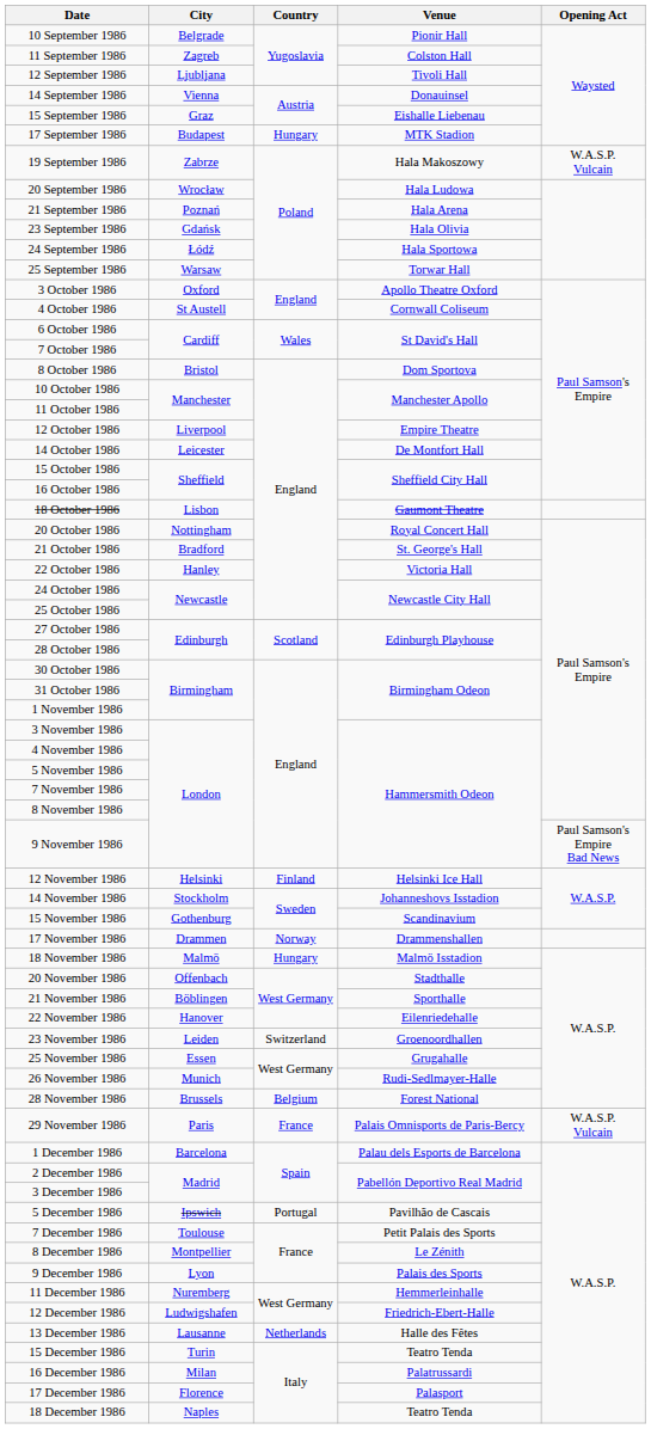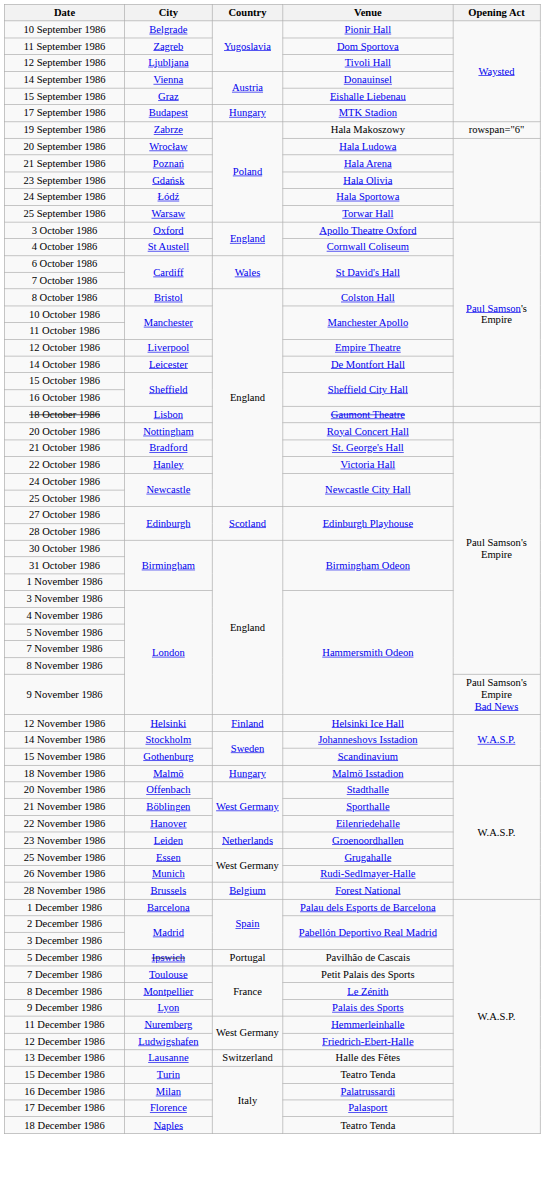 <table class="wikitable" style="text-align:center;">
 <tr>
 <th width="175">Date</th>
 <th width="125">City</th>
 <th width="100">Country</th>
 <th width="250">Venue</th>
 <th width="125">Opening Act</th>
 </tr>
 <tr>
 <td>10 September 1986</td>
 <td><a href='#'>Belgrade</a></td>
 <td rowspan="3"><a href='#'>Yugoslavia</a></td>
 <td><a href='#'>Pionir Hall</a></td>
 <td rowspan="6"><a href='#'>Waysted</a></td>
 </tr>
 <tr>
 <td>11 September 1986</td>
 <td><a href='#'>Zagreb</a></td>
-<td><a href='#'>Colston Hall</a></td>
+<td><a href='#'>Dom Sportova</a></td>
 </tr>
 <tr>
 <td>12 September 1986</td>
 <td><a href='#'>Ljubljana</a></td>
 <td><a href='#'>Tivoli Hall</a></td>
 </tr>
 <tr>
 <td>14 September 1986</td>
 <td><a href='#'>Vienna</a></td>
 <td rowspan="2"><a href='#'>Austria</a></td>
 <td><a href='#'>Donauinsel</a></td>
 </tr>
 <tr>
 <td>15 September 1986</td>
 <td><a href='#'>Graz</a></td>
 <td><a href='#'>Eishalle Liebenau</a></td>
 </tr>
 <tr>
 <td>17 September 1986</td>
 <td><a href='#'>Budapest</a></td>
 <td><a href='#'>Hungary</a></td>
 <td><a href='#'>MTK Stadion</a></td>
 </tr>
 <tr>
 <td>19 September 1986</td>
 <td><a href='#'>Zabrze</a></td>
 <td rowspan="6"><a href='#'>Poland</a></td>
 <td>Hala Makoszowy</td>
-<td>W.A.S.P.<br><a href='#'>Vulcain</a></td>
+<td>rowspan="6" </td>
 </tr>
 <tr>
 <td>20 September 1986</td>
 <td><a href='#'>Wrocław</a></td>
 <td><a href='#'>Hala Ludowa</a></td>
 </tr>
 <tr>
 <td>21 September 1986</td>
 <td><a href='#'>Poznań</a></td>
 <td><a href='#'>Hala Arena</a></td>
 </tr>
 <tr>
 <td>23 September 1986</td>
 <td><a href='#'>Gdańsk</a></td>
 <td><a href='#'>Hala Olivia</a></td>
 </tr>
 <tr>
 <td>24 September 1986</td>
 <td><a href='#'>Łódź</a></td>
 <td><a href='#'>Hala Sportowa</a></td>
 </tr>
 <tr>
 <td>25 September 1986</td>
 <td><a href='#'>Warsaw</a></td>
 <td><a href='#'>Torwar Hall</a></td>
 </tr>
 <tr>
 <td>3 October 1986</td>
 <td><a href='#'>Oxford</a></td>
 <td rowspan="2"><a href='#'>England</a></td>
 <td><a href='#'>Apollo Theatre Oxford</a></td>
 <td rowspan="11"><a href='#'>Paul Samson</a>'s Empire</td>
 </tr>
 <tr>
 <td>4 October 1986</td>
 <td><a href='#'>St Austell</a></td>
 <td><a href='#'>Cornwall Coliseum</a></td>
 </tr>
 <tr>
 <td>6 October 1986</td>
 <td rowspan="2"><a href='#'>Cardiff</a></td>
 <td rowspan="2"><a href='#'>Wales</a></td>
 <td rowspan="2"><a href='#'>St David's Hall</a></td>
 </tr>
 <tr>
 <td>7 October 1986</td>
 </tr>
 <tr>
 <td>8 October 1986</td>
 <td><a href='#'>Bristol</a></td>
 <td rowspan="13">England</td>
-<td><a href='#'>Dom Sportova</a></td>
+<td><a href='#'>Colston Hall</a></td>
 </tr>
 <tr>
 <td>10 October 1986</td>
 <td rowspan="2"><a href='#'>Manchester</a></td>
 <td rowspan="2"><a href='#'>Manchester Apollo</a></td>
 </tr>
 <tr>
 <td>11 October 1986</td>
 </tr>
 <tr>
 <td>12 October 1986</td>
 <td><a href='#'>Liverpool</a></td>
 <td><a href='#'>Empire Theatre</a></td>
 </tr>
 <tr>
 <td>14 October 1986</td>
 <td><a href='#'>Leicester</a></td>
 <td><a href='#'>De Montfort Hall</a></td>
 </tr>
 <tr>
 <td>15 October 1986</td>
 <td rowspan="2"><a href='#'>Sheffield</a></td>
 <td rowspan="2"><a href='#'>Sheffield City Hall</a></td>
 </tr>
 <tr>
 <td>16 October 1986</td>
 </tr>
 <tr>
 <td><s>18 October 1986</s></td>
 <td><a href='#'>Lisbon</a></td>
 <td><a href='#'><s>Gaumont Theatre</s></a></td>
 <td></td>
 </tr>
 <tr>
 <td>20 October 1986</td>
 <td><a href='#'>Nottingham</a></td>
 <td><a href='#'>Royal Concert Hall</a></td>
 <td rowspan="15">Paul Samson's Empire</td>
 </tr>
 <tr>
 <td>21 October 1986</td>
 <td><a href='#'>Bradford</a></td>
 <td><a href='#'>St. George's Hall</a></td>
 </tr>
 <tr>
 <td>22 October 1986</td>
 <td><a href='#'>Hanley</a></td>
 <td><a href='#'>Victoria Hall</a></td>
 </tr>
 <tr>
 <td>24 October 1986</td>
 <td rowspan="2"><a href='#'>Newcastle</a></td>
 <td rowspan="2"><a href='#'>Newcastle City Hall</a></td>
 </tr>
 <tr>
 <td>25 October 1986</td>
 </tr>
 <tr>
 <td>27 October 1986</td>
 <td rowspan="2"><a href='#'>Edinburgh</a></td>
 <td rowspan="2"><a href='#'>Scotland</a></td>
 <td rowspan="2"><a href='#'>Edinburgh Playhouse</a></td>
 </tr>
 <tr>
 <td>28 October 1986</td>
 </tr>
 <tr>
 <td>30 October 1986</td>
 <td rowspan="3"><a href='#'>Birmingham</a></td>
 <td rowspan="9">England</td>
 <td rowspan="3"><a href='#'>Birmingham Odeon</a></td>
 </tr>
 <tr>
 <td>31 October 1986</td>
 </tr>
 <tr>
 <td>1 November 1986</td>
 </tr>
 <tr>
 <td>3 November 1986</td>
 <td rowspan="6"><a href='#'>London</a></td>
 <td rowspan="6"><a href='#'>Hammersmith Odeon</a></td>
 </tr>
 <tr>
 <td>4 November 1986</td>
 </tr>
 <tr>
 <td>5 November 1986</td>
 </tr>
 <tr>
 <td>7 November 1986</td>
 </tr>
 <tr>
 <td>8 November 1986</td>
 </tr>
 <tr>
 <td>9 November 1986</td>
 <td>Paul Samson's Empire<br><a href='#'>Bad News</a></td>
 </tr>
 <tr>
 <td>12 November 1986</td>
 <td><a href='#'>Helsinki</a></td>
 <td><a href='#'>Finland</a></td>
 <td><a href='#'>Helsinki Ice Hall</a></td>
 <td rowspan="3"><a href='#'>W.A.S.P.</a></td>
 </tr>
 <tr>
 <td>14 November 1986</td>
 <td><a href='#'>Stockholm</a></td>
 <td rowspan="2"><a href='#'>Sweden</a></td>
 <td><a href='#'>Johanneshovs Isstadion</a></td>
 </tr>
 <tr>
 <td>15 November 1986</td>
 <td><a href='#'>Gothenburg</a></td>
 <td><a href='#'>Scandinavium</a></td>
 </tr>
 <tr>
-<td>17 November 1986</td>
-<td><a href='#'>Drammen</a></td>
-<td><a href='#'>Norway</a></td>
-<td><a href='#'>Drammenshallen</a></td>
-<td></td>
-</tr>
-<tr>
 <td>18 November 1986</td>
 <td><a href='#'>Malmö</a></td>
 <td><a href='#'>Hungary</a></td>
 <td><a href='#'>Malmö Isstadion</a></td>
 <td rowspan="8">W.A.S.P.</td>
 </tr>
 <tr>
 <td>20 November 1986</td>
 <td><a href='#'>Offenbach</a></td>
 <td rowspan="3"><a href='#'>West Germany</a></td>
 <td><a href='#'>Stadthalle</a></td>
 </tr>
 <tr>
 <td>21 November 1986</td>
 <td><a href='#'>Böblingen</a></td>
 <td><a href='#'>Sporthalle</a></td>
 </tr>
 <tr>
 <td>22 November 1986</td>
 <td><a href='#'>Hanover</a></td>
 <td><a href='#'>Eilenriedehalle</a></td>
 </tr>
 <tr>
 <td>23 November 1986</td>
 <td><a href='#'>Leiden</a></td>
-<td>Switzerland</td>
+<td><a href='#'>Netherlands</a></td>
 <td><a href='#'>Groenoordhallen</a></td>
 </tr>
 <tr>
 <td>25 November 1986</td>
 <td><a href='#'>Essen</a></td>
 <td rowspan="2">West Germany</td>
 <td><a href='#'>Grugahalle</a></td>
 </tr>
 <tr>
 <td>26 November 1986</td>
 <td><a href='#'>Munich</a></td>
 <td><a href='#'>Rudi-Sedlmayer-Halle</a></td>
 </tr>
 <tr>
 <td>28 November 1986</td>
 <td><a href='#'>Brussels</a></td>
 <td><a href='#'>Belgium</a></td>
 <td><a href='#'>Forest National</a></td>
-</tr>
-<tr>
-<td>29 November 1986</td>
-<td><a href='#'>Paris</a></td>
-<td><a href='#'>France</a></td>
-<td><a href='#'>Palais Omnisports de Paris-Bercy</a></td>
-<td>W.A.S.P.<br><a href='#'>Vulcain</a></td>
 </tr>
 <tr>
 <td>1 December 1986</td>
 <td><a href='#'>Barcelona</a></td>
 <td rowspan="3"><a href='#'>Spain</a></td>
 <td><a href='#'>Palau dels Esports de Barcelona</a></td>
 <td rowspan="14">W.A.S.P.</td>
 </tr>
 <tr>
 <td>2 December 1986</td>
 <td rowspan="2"><a href='#'>Madrid</a></td>
 <td rowspan="2"><a href='#'>Pabellón Deportivo Real Madrid</a></td>
 </tr>
 <tr>
 <td>3 December 1986</td>
 </tr>
 <tr>
 <td>5 December 1986</td>
 <td><s><a href='#'>Ipswich</a></s></td>
 <td>Portugal</td>
 <td>Pavilhão de Cascais</td>
 </tr>
 <tr>
 <td>7 December 1986</td>
 <td><a href='#'>Toulouse</a></td>
 <td rowspan="3">France</td>
 <td>Petit Palais des Sports</td>
 </tr>
 <tr>
 <td>8 December 1986</td>
 <td><a href='#'>Montpellier</a></td>
 <td><a href='#'>Le Zénith</a></td>
 </tr>
 <tr>
 <td>9 December 1986</td>
 <td><a href='#'>Lyon</a></td>
 <td><a href='#'>Palais des Sports</a></td>
 </tr>
 <tr>
 <td>11 December 1986</td>
 <td><a href='#'>Nuremberg</a></td>
 <td rowspan="2">West Germany</td>
 <td><a href='#'>Hemmerleinhalle</a></td>
 </tr>
 <tr>
 <td>12 December 1986</td>
 <td><a href='#'>Ludwigshafen</a></td>
 <td><a href='#'>Friedrich-Ebert-Halle</a></td>
 </tr>
 <tr>
 <td>13 December 1986</td>
 <td><a href='#'>Lausanne</a></td>
-<td><a href='#'>Netherlands</a></td>
+<td>Switzerland</td>
 <td>Halle des Fêtes</td>
 </tr>
 <tr>
 <td>15 December 1986</td>
 <td><a href='#'>Turin</a></td>
 <td rowspan="4">Italy</td>
 <td>Teatro Tenda</td>
 </tr>
 <tr>
 <td>16 December 1986</td>
 <td><a href='#'>Milan</a></td>
 <td><a href='#'>Palatrussardi</a></td>
 </tr>
 <tr>
 <td>17 December 1986</td>
 <td><a href='#'>Florence</a></td>
 <td><a href='#'>Palasport</a></td>
 </tr>
 <tr>
 <td>18 December 1986</td>
 <td><a href='#'>Naples</a></td>
 <td>Teatro Tenda</td>
 </tr>
 </table>
